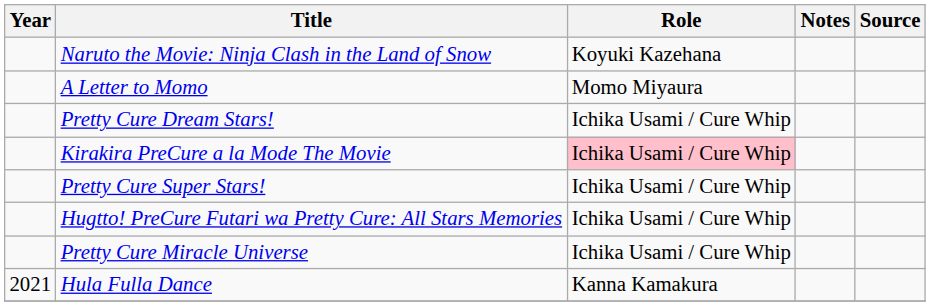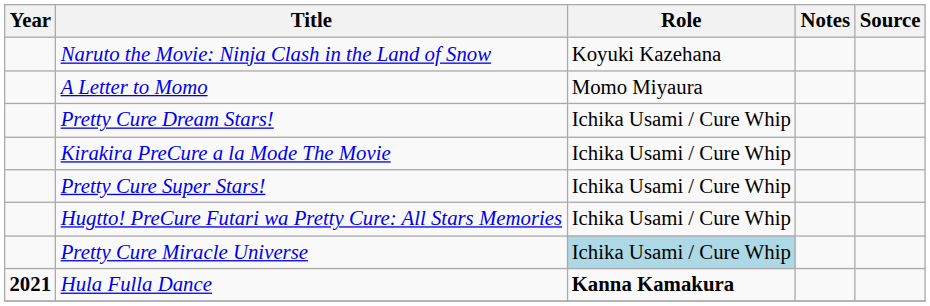 <table class="wikitable sortable plainrowheaders">
 <tr>
 <th>Year</th>
 <th>Title</th>
 <th>Role</th>
 <th class="unsortable">Notes</th>
 <th class="unsortable">Source</th>
 </tr>
 <tr>
 <td></td>
 <td><em><a href='#'>Naruto the Movie: Ninja Clash in the Land of Snow</a></em></td>
 <td>Koyuki Kazehana</td>
 <td></td>
 <td></td>
 </tr>
 <tr>
 <td></td>
 <td><em><a href='#'>A Letter to Momo</a></em></td>
 <td>Momo Miyaura</td>
 <td></td>
 <td></td>
 </tr>
 <tr>
 <td></td>
 <td><em><a href='#'>Pretty Cure Dream Stars!</a></em></td>
 <td>Ichika Usami / Cure Whip</td>
 <td></td>
 <td></td>
 </tr>
 <tr>
 <td></td>
 <td><em><a href='#'>Kirakira PreCure a la Mode The Movie</a></em></td>
-<td style="background: pink;">Ichika Usami / Cure Whip</td>
+<td>Ichika Usami / Cure Whip</td>
 <td></td>
 <td></td>
 </tr>
 <tr>
 <td></td>
 <td><em><a href='#'>Pretty Cure Super Stars!</a></em></td>
 <td>Ichika Usami / Cure Whip</td>
 <td></td>
 <td></td>
 </tr>
 <tr>
 <td></td>
 <td><em><a href='#'>Hugtto! PreCure Futari wa Pretty Cure: All Stars Memories</a></em></td>
 <td>Ichika Usami / Cure Whip</td>
 <td></td>
 <td></td>
 </tr>
 <tr>
 <td></td>
 <td><em><a href='#'>Pretty Cure Miracle Universe</a></em></td>
-<td>Ichika Usami / Cure Whip</td>
+<td style="background: lightblue;">Ichika Usami / Cure Whip</td>
 <td></td>
 <td></td>
 </tr>
 <tr>
-<td>2021</td>
+<td><strong>2021</strong></td>
 <td><em><a href='#'>Hula Fulla Dance</a></em></td>
-<td>Kanna Kamakura</td>
+<td><strong>Kanna Kamakura</strong></td>
 <td></td>
 <td></td>
 </tr>
 <tr>
 </tr>
 </table>
